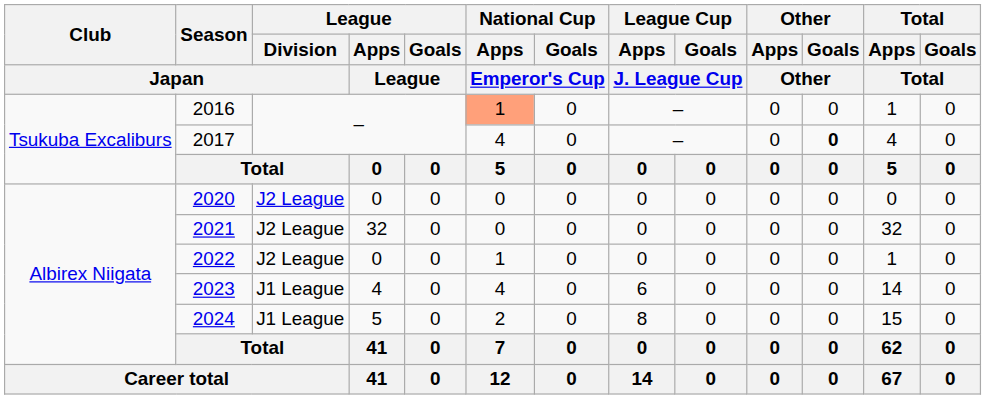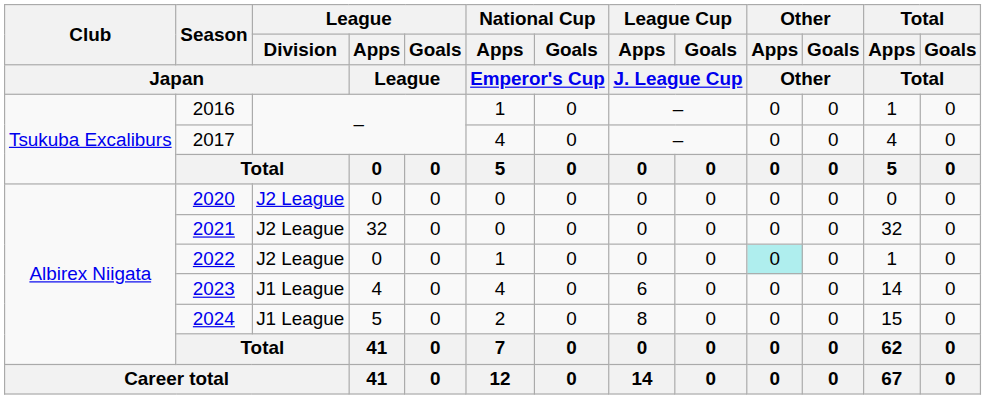 <table class="wikitable" style="text-align: center">
 <tr>
 <th rowspan="2">Club</th>
 <th rowspan="2">Season</th>
 <th colspan="3">League</th>
 <th colspan="2">National Cup</th>
 <th colspan="2">League Cup</th>
 <th colspan="2">Other</th>
 <th colspan="2">Total</th>
 </tr>
 <tr>
 <th>Division</th>
 <th>Apps</th>
 <th>Goals</th>
 <th>Apps</th>
 <th>Goals</th>
 <th>Apps</th>
 <th>Goals</th>
 <th>Apps</th>
 <th>Goals</th>
 <th>Apps</th>
 <th>Goals</th>
 </tr>
 <tr>
 <th colspan=3>Japan</th>
 <th colspan=2>League</th>
 <th colspan=2><a href='#'>Emperor's Cup</a></th>
 <th colspan=2><a href='#'>J. League Cup</a></th>
 <th colspan=2>Other</th>
 <th colspan=2>Total</th>
 </tr>
 <tr>
 <td rowspan="3"><a href='#'>Tsukuba Excaliburs</a></td>
 <td>2016</td>
 <td colspan="3" rowspan="2">–</td>
-<td style="background: lightsalmon;">1</td>
+<td>1</td>
 <td>0</td>
 <td colspan="2">–</td>
 <td>0</td>
 <td>0</td>
 <td>1</td>
 <td>0</td>
 </tr>
 <tr>
 <td>2017</td>
 <td>4</td>
 <td>0</td>
 <td colspan="2">–</td>
 <td>0</td>
-<td><strong>0</strong></td>
+<td>0</td>
 <td>4</td>
 <td>0</td>
 </tr>
 <tr>
 <th colspan=2>Total</th>
 <th>0</th>
 <th>0</th>
 <th>5</th>
 <th>0</th>
 <th>0</th>
 <th>0</th>
 <th>0</th>
 <th>0</th>
 <th>5</th>
 <th>0</th>
 </tr>
 <tr>
 <td rowspan="6"><a href='#'>Albirex Niigata</a></td>
 <td><a href='#'>2020</a></td>
 <td><a href='#'>J2 League</a></td>
 <td>0</td>
 <td>0</td>
 <td>0</td>
 <td>0</td>
 <td>0</td>
 <td>0</td>
 <td>0</td>
 <td>0</td>
 <td>0</td>
 <td>0</td>
 </tr>
 <tr>
 <td><a href='#'>2021</a></td>
 <td>J2 League</td>
 <td>32</td>
 <td>0</td>
 <td>0</td>
 <td>0</td>
 <td>0</td>
 <td>0</td>
 <td>0</td>
 <td>0</td>
 <td>32</td>
 <td>0</td>
 </tr>
 <tr>
 <td><a href='#'>2022</a></td>
 <td>J2 League</td>
 <td>0</td>
 <td>0</td>
 <td>1</td>
 <td>0</td>
 <td>0</td>
 <td>0</td>
-<td>0</td>
+<td style="background: paleturquoise;">0</td>
 <td>0</td>
 <td>1</td>
 <td>0</td>
 </tr>
 <tr>
 <td><a href='#'>2023</a></td>
 <td>J1 League</td>
 <td>4</td>
 <td>0</td>
 <td>4</td>
 <td>0</td>
 <td>6</td>
 <td>0</td>
 <td>0</td>
 <td>0</td>
 <td>14</td>
 <td>0</td>
 </tr>
 <tr>
 <td><a href='#'>2024</a></td>
 <td>J1 League</td>
 <td>5</td>
 <td>0</td>
 <td>2</td>
 <td>0</td>
 <td>8</td>
 <td>0</td>
 <td>0</td>
 <td>0</td>
 <td>15</td>
 <td>0</td>
 </tr>
 <tr>
 <th colspan=2>Total</th>
 <th>41</th>
 <th>0</th>
 <th>7</th>
 <th>0</th>
 <th>0</th>
 <th>0</th>
 <th>0</th>
 <th>0</th>
 <th>62</th>
 <th>0</th>
 </tr>
 <tr>
 <th colspan=3>Career total</th>
 <th>41</th>
 <th>0</th>
 <th>12</th>
 <th>0</th>
 <th>14</th>
 <th>0</th>
 <th>0</th>
 <th>0</th>
 <th>67</th>
 <th>0</th>
 </tr>
 </table>
